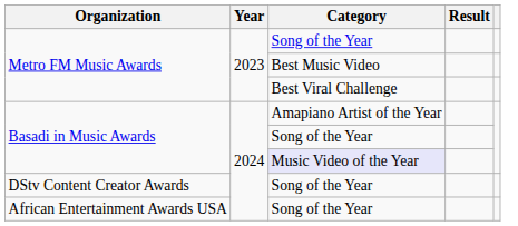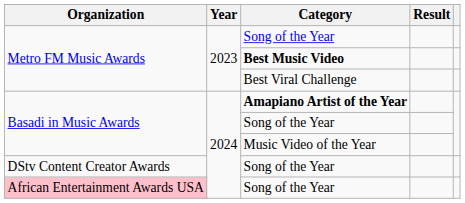 <table class="wikitable sortable plainrowheaders" style="border:none; margin:0;">
 <tr>
 <th scope="col">Organization</th>
 <th scope="col">Year</th>
 <th scope="col">Category</th>
 <th scope="col">Result</th>
 <th class="unsortable" scope="col"></th>
 </tr>
 <tr>
 <td scope="row" rowspan="3"><a href='#'>Metro FM Music Awards</a></td>
 <td rowspan="3">2023</td>
 <td><a href='#'>Song of the Year</a></td>
 <td></td>
 <td style="text-align:center"></td>
 </tr>
 <tr>
-<td>Best Music Video</td>
+<td><strong>Best Music Video</strong></td>
 <td></td>
 <td style="text-align:center"></td>
 </tr>
 <tr>
 <td>Best Viral Challenge</td>
 <td></td>
 <td style="text-align:center"></td>
 </tr>
 <tr>
 <td scope="row" rowspan=3><a href='#'>Basadi in Music Awards</a></td>
 <td rowspan=5>2024</td>
-<td>Amapiano Artist of the Year</td>
+<td><strong>Amapiano Artist of the Year</strong></td>
 <td></td>
 <td rowspan=3></td>
 </tr>
 <tr>
 <td>Song of the Year</td>
 <td></td>
 </tr>
 <tr>
-<td style="background: lavender;">Music Video of the Year</td>
+<td>Music Video of the Year</td>
 <td></td>
 </tr>
 <tr>
 <td scope="row">DStv Content Creator Awards</td>
 <td>Song of the Year</td>
 <td></td>
 <td></td>
 </tr>
 <tr>
-<td scope="row">African Entertainment Awards USA</td>
+<td scope="row" style="background: pink;">African Entertainment Awards USA</td>
 <td>Song of the Year</td>
 <td></td>
 <td></td>
 </tr>
 </table>
